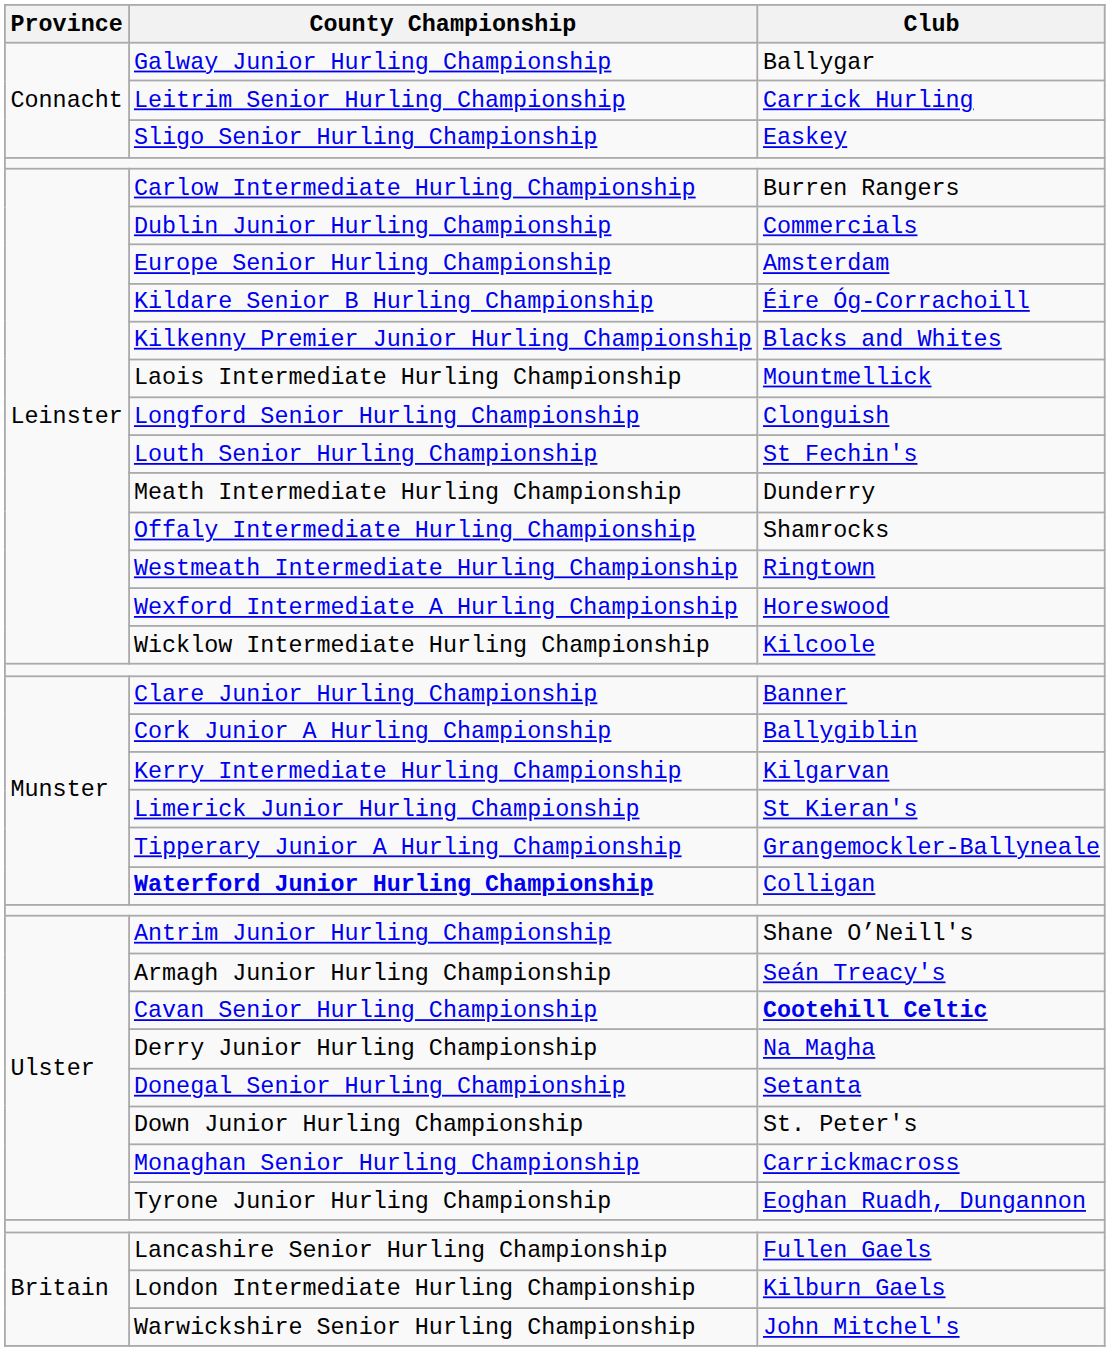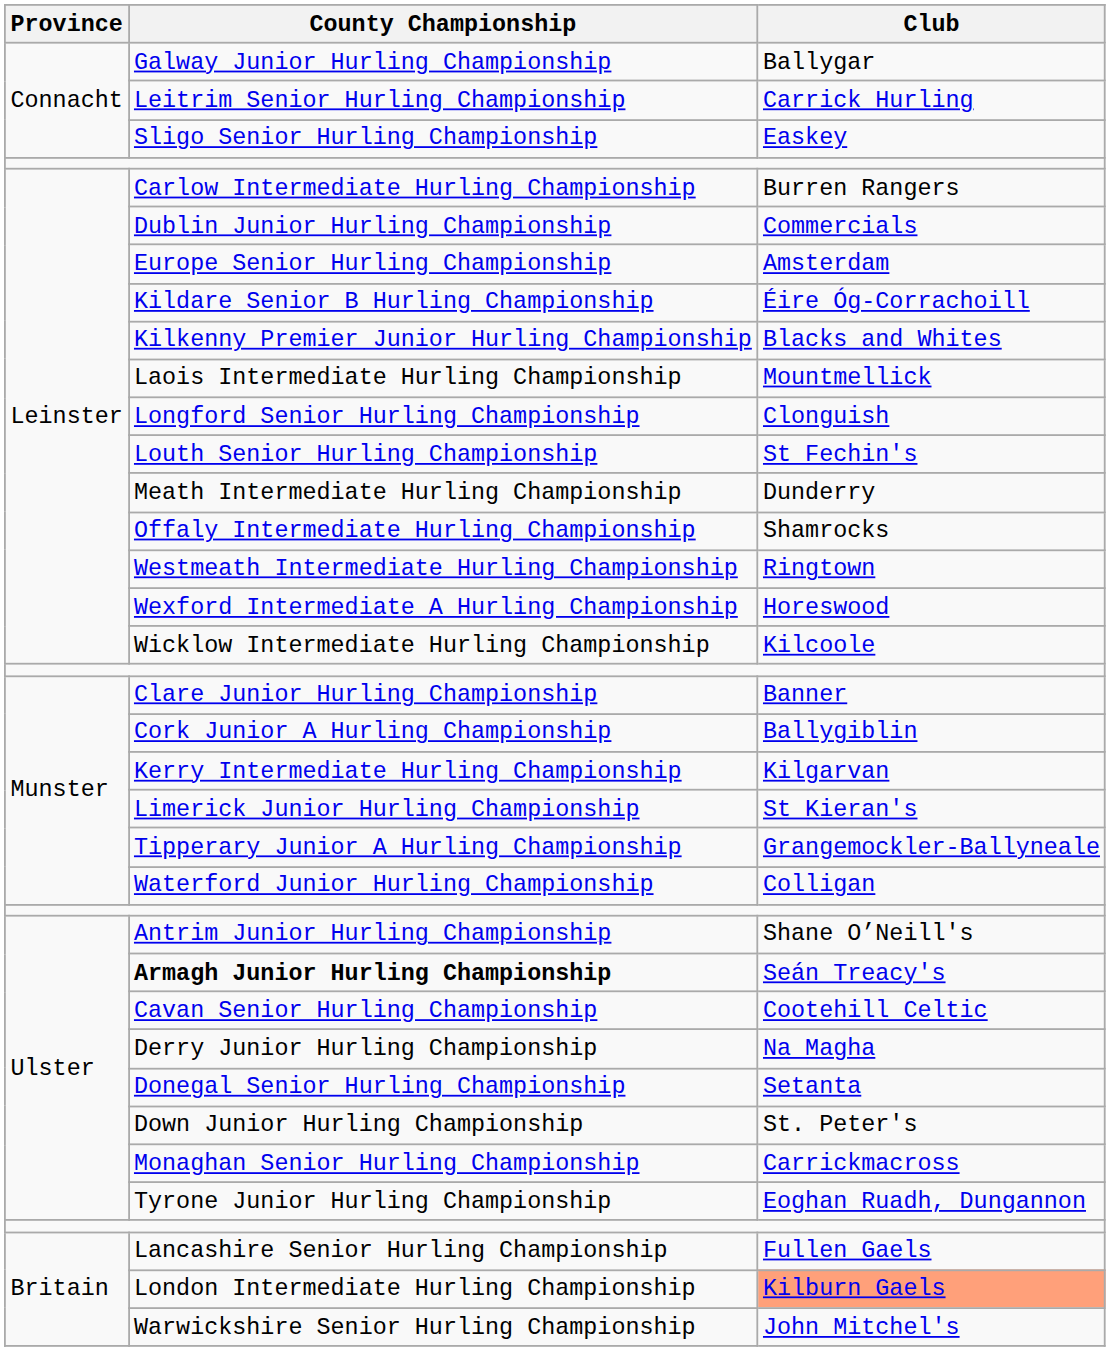 <table class="wikitable sortable">
 <tr>
 <th>Province</th>
 <th>County Championship</th>
 <th>Club</th>
 </tr>
 <tr>
 <td rowspan="3">Connacht</td>
 <td> <a href='#'>Galway Junior Hurling Championship</a></td>
 <td>Ballygar</td>
 </tr>
 <tr>
 <td> <a href='#'>Leitrim Senior Hurling Championship</a></td>
 <td><a href='#'>Carrick Hurling</a></td>
 </tr>
 <tr>
 <td> <a href='#'>Sligo Senior Hurling Championship</a></td>
 <td><a href='#'>Easkey</a></td>
 </tr>
 <tr>
 <td colspan="3"></td>
 </tr>
 <tr>
 <td rowspan="13">Leinster</td>
 <td><a href='#'>Carlow Intermediate Hurling Championship</a></td>
 <td>Burren Rangers</td>
 </tr>
 <tr>
 <td> <a href='#'>Dublin Junior Hurling Championship</a></td>
 <td><a href='#'>Commercials</a></td>
 </tr>
 <tr>
 <td><a href='#'>Europe Senior Hurling Championship</a></td>
 <td><a href='#'>Amsterdam</a></td>
 </tr>
 <tr>
 <td> <a href='#'>Kildare Senior B Hurling Championship</a></td>
 <td><a href='#'>Éire Óg-Corrachoill</a></td>
 </tr>
 <tr>
 <td> <a href='#'>Kilkenny Premier Junior Hurling Championship</a></td>
 <td><a href='#'>Blacks and Whites</a></td>
 </tr>
 <tr>
 <td> Laois Intermediate Hurling Championship</td>
 <td><a href='#'>Mountmellick</a></td>
 </tr>
 <tr>
 <td> <a href='#'>Longford Senior Hurling Championship</a></td>
 <td><a href='#'>Clonguish</a></td>
 </tr>
 <tr>
 <td> <a href='#'>Louth Senior Hurling Championship</a></td>
 <td><a href='#'>St Fechin's</a></td>
 </tr>
 <tr>
 <td> Meath Intermediate Hurling Championship</td>
 <td>Dunderry</td>
 </tr>
 <tr>
 <td> <a href='#'>Offaly Intermediate Hurling Championship</a></td>
 <td>Shamrocks</td>
 </tr>
 <tr>
 <td> <a href='#'>Westmeath Intermediate Hurling Championship</a></td>
 <td><a href='#'>Ringtown</a></td>
 </tr>
 <tr>
 <td> <a href='#'>Wexford Intermediate A Hurling Championship</a></td>
 <td><a href='#'>Horeswood</a></td>
 </tr>
 <tr>
 <td> Wicklow Intermediate Hurling Championship</td>
 <td><a href='#'>Kilcoole</a></td>
 </tr>
 <tr>
 <td colspan="3"></td>
 </tr>
 <tr>
 <td rowspan="6">Munster</td>
 <td> <a href='#'>Clare Junior Hurling Championship</a></td>
 <td><a href='#'>Banner</a></td>
 </tr>
 <tr>
 <td> <a href='#'>Cork Junior A Hurling Championship</a></td>
 <td><a href='#'>Ballygiblin</a></td>
 </tr>
 <tr>
 <td> <a href='#'>Kerry Intermediate Hurling Championship</a></td>
 <td><a href='#'>Kilgarvan</a></td>
 </tr>
 <tr>
 <td> <a href='#'>Limerick Junior Hurling Championship</a></td>
 <td><a href='#'>St Kieran's</a></td>
 </tr>
 <tr>
 <td> <a href='#'>Tipperary Junior A Hurling Championship</a></td>
 <td><a href='#'>Grangemockler-Ballyneale</a></td>
 </tr>
 <tr>
-<td><strong> <a href='#'>Waterford Junior Hurling Championship</a></strong></td>
+<td> <a href='#'>Waterford Junior Hurling Championship</a></td>
 <td><a href='#'>Colligan</a></td>
 </tr>
 <tr>
 <td colspan="3"></td>
 </tr>
 <tr>
 <td rowspan="8">Ulster</td>
 <td> <a href='#'>Antrim Junior Hurling Championship</a></td>
 <td>Shane O’Neill's</td>
 </tr>
 <tr>
-<td> Armagh Junior Hurling Championship</td>
+<td><strong> Armagh Junior Hurling Championship</strong></td>
 <td><a href='#'>Seán Treacy's</a></td>
 </tr>
 <tr>
 <td> <a href='#'>Cavan Senior Hurling Championship</a></td>
-<td><strong><a href='#'>Cootehill Celtic</a></strong></td>
+<td><a href='#'>Cootehill Celtic</a></td>
 </tr>
 <tr>
 <td> Derry Junior Hurling Championship</td>
 <td><a href='#'>Na Magha</a></td>
 </tr>
 <tr>
 <td> <a href='#'>Donegal Senior Hurling Championship</a></td>
 <td><a href='#'>Setanta</a></td>
 </tr>
 <tr>
 <td> Down Junior Hurling Championship</td>
 <td>St. Peter's</td>
 </tr>
 <tr>
 <td> <a href='#'>Monaghan Senior Hurling Championship</a></td>
 <td><a href='#'>Carrickmacross</a></td>
 </tr>
 <tr>
 <td> Tyrone Junior Hurling Championship</td>
 <td><a href='#'>Eoghan Ruadh, Dungannon</a></td>
 </tr>
 <tr>
 <td colspan="3"></td>
 </tr>
 <tr>
 <td rowspan="3">Britain</td>
 <td>Lancashire Senior Hurling Championship</td>
 <td><a href='#'>Fullen Gaels</a></td>
 </tr>
 <tr>
 <td>London Intermediate Hurling Championship</td>
-<td><a href='#'>Kilburn Gaels</a></td>
+<td style="background: lightsalmon;"><a href='#'>Kilburn Gaels</a></td>
 </tr>
 <tr>
 <td>Warwickshire Senior Hurling Championship</td>
 <td><a href='#'>John Mitchel's</a></td>
 </tr>
 </table>
